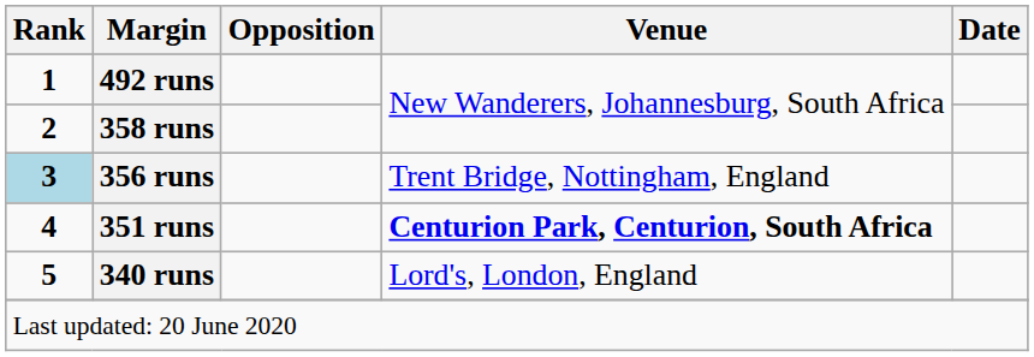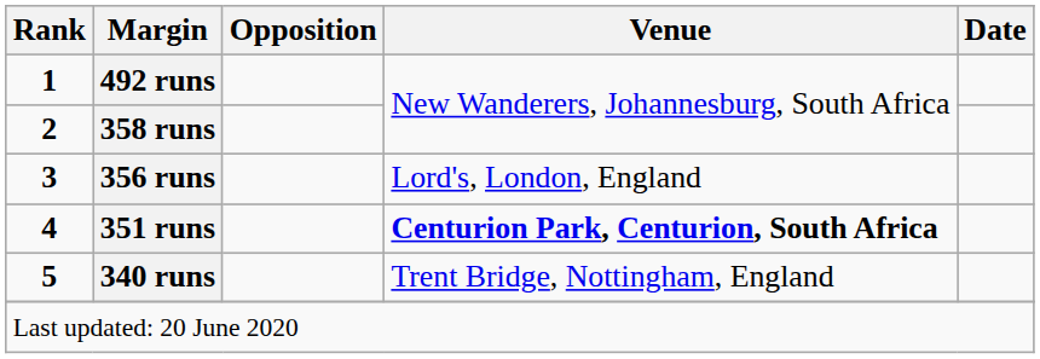 <table class="wikitable plainrowheaders sortable">
 <tr>
 <th scope=col>Rank</th>
 <th scope=col>Margin</th>
 <th scope=col>Opposition</th>
 <th scope=col>Venue</th>
 <th scope=col>Date</th>
 </tr>
 <tr>
 <td align=center><strong>1</strong></td>
 <th scope=row style=text-align:center;>492 runs</th>
 <td></td>
 <td rowspan=2><a href='#'>New Wanderers</a>, <a href='#'>Johannesburg</a>, South Africa</td>
 <td></td>
 </tr>
 <tr>
 <td align=center><strong>2</strong></td>
 <th scope=row style=text-align:center;>358 runs</th>
 <td></td>
 <td></td>
 </tr>
 <tr>
-<td align=center style="background: lightblue;"><strong>3</strong></td>
+<td align=center><strong>3</strong></td>
 <th scope=row style=text-align:center;>356 runs</th>
 <td></td>
-<td><a href='#'>Trent Bridge</a>, <a href='#'>Nottingham</a>, England</td>
+<td><a href='#'>Lord's</a>, <a href='#'>London</a>, England</td>
 <td></td>
 </tr>
 <tr>
 <td align=center><strong>4</strong></td>
 <th scope=row style=text-align:center;>351 runs</th>
 <td></td>
 <td><strong><a href='#'>Centurion Park</a>, <a href='#'>Centurion</a>, South Africa</strong></td>
 <td></td>
 </tr>
 <tr>
 <td align=center><strong>5</strong></td>
 <th scope=row style=text-align:center;>340 runs</th>
 <td></td>
-<td><a href='#'>Lord's</a>, <a href='#'>London</a>, England</td>
+<td><a href='#'>Trent Bridge</a>, <a href='#'>Nottingham</a>, England</td>
 <td></td>
 </tr>
 <tr>
 </tr>
 <tr class=sortbottom>
 <td colspan=5><small>Last updated: 20 June 2020</small></td>
 </tr>
 </table>
